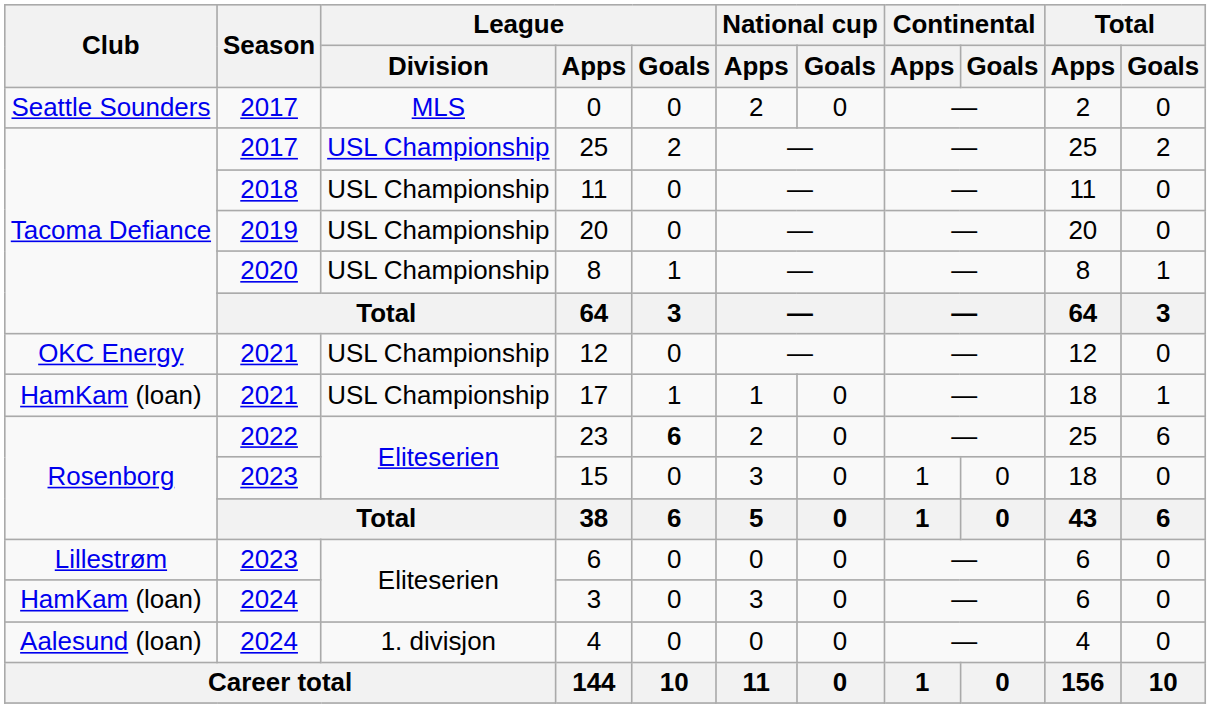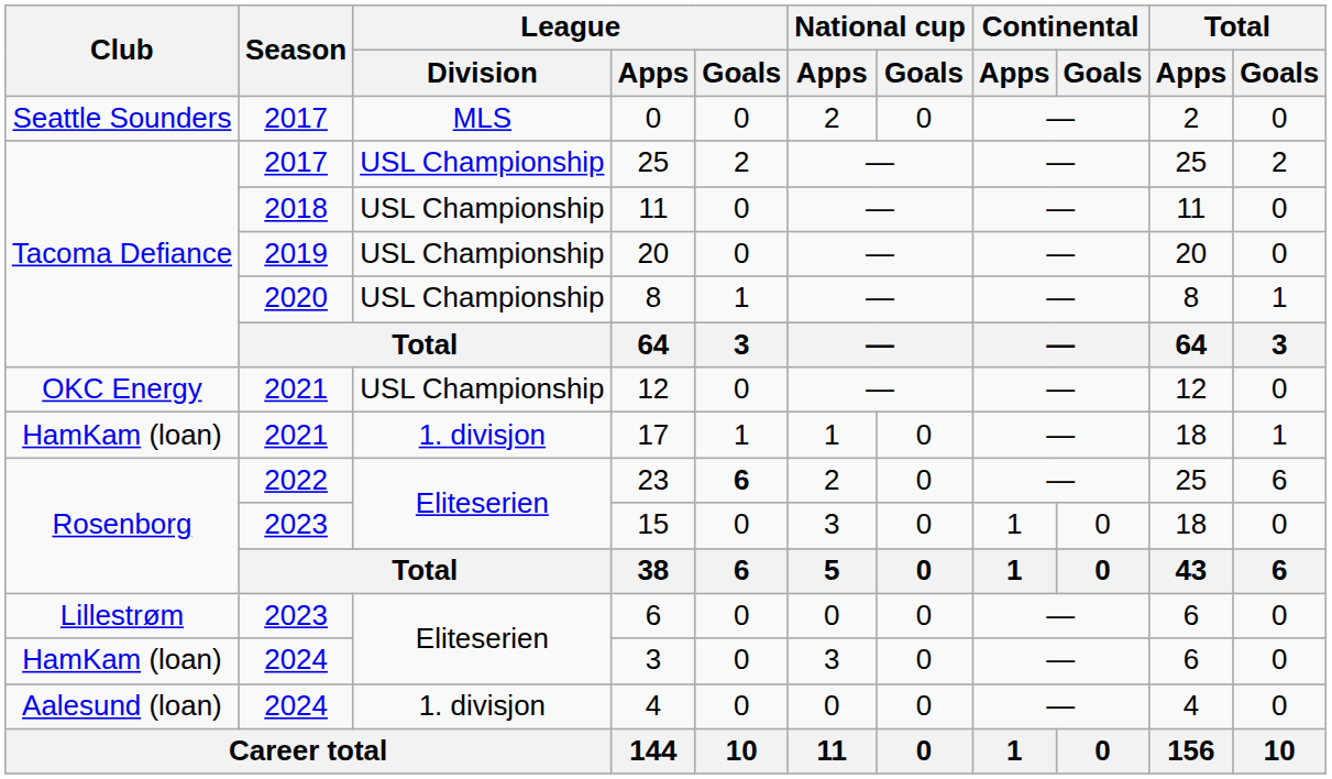 <table class="wikitable" style="text-align: center;">
 <tr>
 <th rowspan=2>Club</th>
 <th rowspan=2>Season</th>
 <th colspan=3>League</th>
 <th colspan=2>National cup</th>
 <th colspan=2>Continental</th>
 <th colspan=2>Total</th>
 </tr>
 <tr>
 <th>Division</th>
 <th>Apps</th>
 <th>Goals</th>
 <th>Apps</th>
 <th>Goals</th>
 <th>Apps</th>
 <th>Goals</th>
 <th>Apps</th>
 <th>Goals</th>
 </tr>
 <tr>
 <td><a href='#'>Seattle Sounders</a></td>
 <td><a href='#'>2017</a></td>
 <td><a href='#'>MLS</a></td>
 <td>0</td>
 <td>0</td>
 <td>2</td>
 <td>0</td>
 <td colspan=2>—</td>
 <td>2</td>
 <td>0</td>
 </tr>
 <tr>
 <td rowspan=5><a href='#'>Tacoma Defiance</a></td>
 <td><a href='#'>2017</a></td>
 <td><a href='#'>USL Championship</a></td>
 <td>25</td>
 <td>2</td>
 <td colspan=2>—</td>
 <td colspan=2>—</td>
 <td>25</td>
 <td>2</td>
 </tr>
 <tr>
 <td><a href='#'>2018</a></td>
 <td>USL Championship</td>
 <td>11</td>
 <td>0</td>
 <td colspan="2">—</td>
 <td colspan=2>—</td>
 <td>11</td>
 <td>0</td>
 </tr>
 <tr>
 <td><a href='#'>2019</a></td>
 <td>USL Championship</td>
 <td>20</td>
 <td>0</td>
 <td colspan=2>—</td>
 <td colspan=2>—</td>
 <td>20</td>
 <td>0</td>
 </tr>
 <tr>
 <td><a href='#'>2020</a></td>
 <td>USL Championship</td>
 <td>8</td>
 <td>1</td>
 <td colspan=2>—</td>
 <td colspan=2>—</td>
 <td>8</td>
 <td>1</td>
 </tr>
 <tr>
 <th colspan=2>Total</th>
 <th>64</th>
 <th>3</th>
 <th colspan=2>—</th>
 <th colspan=2>—</th>
 <th>64</th>
 <th>3</th>
 </tr>
 <tr>
 <td><a href='#'>OKC Energy</a></td>
 <td><a href='#'>2021</a></td>
 <td>USL Championship</td>
 <td>12</td>
 <td>0</td>
 <td colspan=2>—</td>
 <td colspan=2>—</td>
 <td>12</td>
 <td>0</td>
 </tr>
 <tr>
 <td><a href='#'>HamKam</a> (loan)</td>
 <td><a href='#'>2021</a></td>
-<td>USL Championship</td>
+<td><a href='#'>1. divisjon</a></td>
 <td>17</td>
 <td>1</td>
 <td>1</td>
 <td>0</td>
 <td colspan=2>—</td>
 <td>18</td>
 <td>1</td>
 </tr>
 <tr>
 <td rowspan=3><a href='#'>Rosenborg</a></td>
 <td><a href='#'>2022</a></td>
 <td rowspan=2><a href='#'>Eliteserien</a></td>
 <td>23</td>
 <td><strong>6</strong></td>
 <td>2</td>
 <td>0</td>
 <td colspan=2>—</td>
 <td>25</td>
 <td>6</td>
 </tr>
 <tr>
 <td><a href='#'>2023</a></td>
 <td>15</td>
 <td>0</td>
 <td>3</td>
 <td>0</td>
 <td>1</td>
 <td>0</td>
 <td>18</td>
 <td>0</td>
 </tr>
 <tr>
 <th colspan=2>Total</th>
 <th>38</th>
 <th>6</th>
 <th>5</th>
 <th>0</th>
 <th>1</th>
 <th>0</th>
 <th>43</th>
 <th>6</th>
 </tr>
 <tr>
 <td><a href='#'>Lillestrøm</a></td>
 <td><a href='#'>2023</a></td>
 <td rowspan=2>Eliteserien</td>
 <td>6</td>
 <td>0</td>
 <td>0</td>
 <td>0</td>
 <td colspan=2>—</td>
 <td>6</td>
 <td>0</td>
 </tr>
 <tr>
 <td><a href='#'>HamKam</a> (loan)</td>
 <td><a href='#'>2024</a></td>
 <td>3</td>
 <td>0</td>
 <td>3</td>
 <td>0</td>
 <td colspan=2>—</td>
 <td>6</td>
 <td>0</td>
 </tr>
 <tr>
 <td><a href='#'>Aalesund</a> (loan)</td>
 <td><a href='#'>2024</a></td>
 <td>1. divisjon</td>
 <td>4</td>
 <td>0</td>
 <td>0</td>
 <td>0</td>
 <td colspan=2>—</td>
 <td>4</td>
 <td>0</td>
 </tr>
 <tr>
 <th colspan=3>Career total</th>
 <th>144</th>
 <th>10</th>
 <th>11</th>
 <th>0</th>
 <th>1</th>
 <th>0</th>
 <th>156</th>
 <th>10</th>
 </tr>
 </table>
